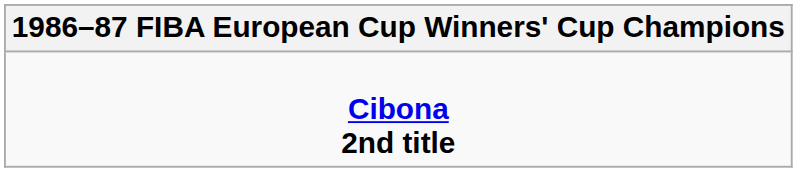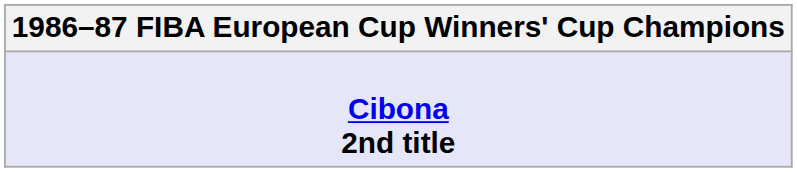 <table class=wikitable style="text-align:center; margin:auto">
 <tr>
 <th>1986–87 FIBA European Cup Winners' Cup Champions</th>
 </tr>
 <tr>
-<td><br> <strong><a href='#'>Cibona</a></strong> <br> <strong>2nd title</strong></td>
+<td style="background: lavender;"><br> <strong><a href='#'>Cibona</a></strong> <br> <strong>2nd title</strong></td>
 </tr>
 </table>
